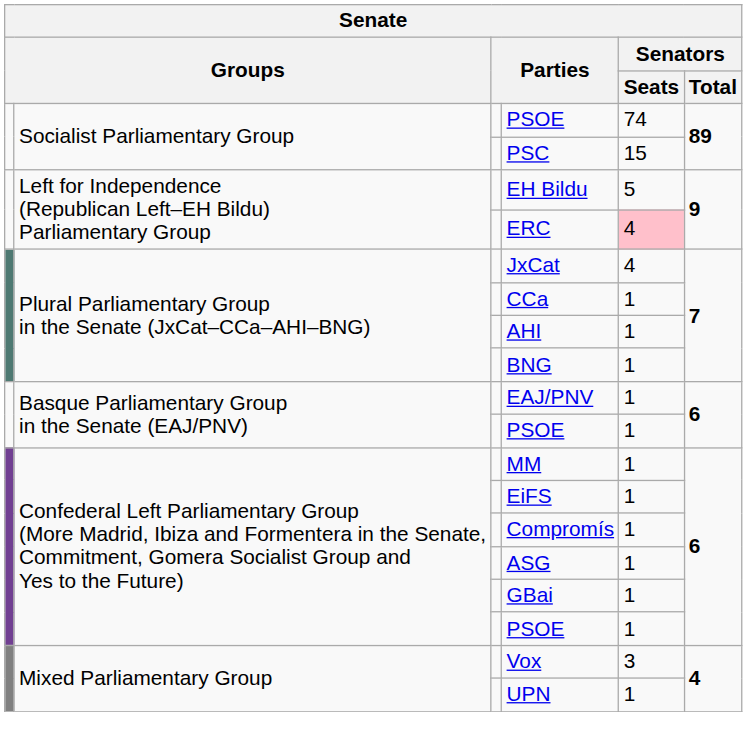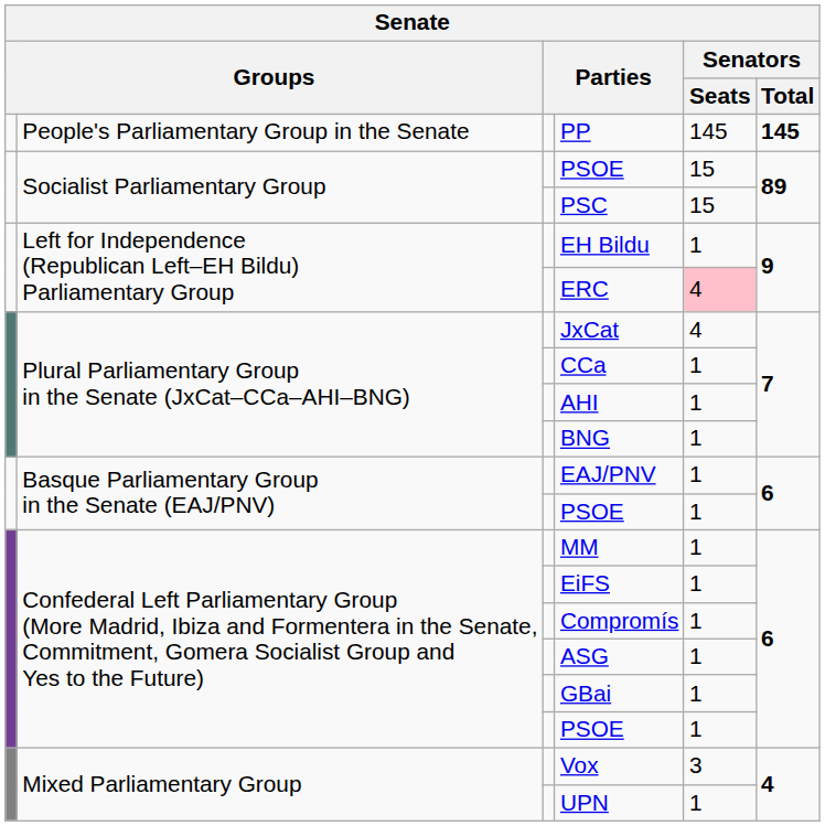 <table class="wikitable" style="text-align:left;">
 <tr>
 <th colspan="6">Senate</th>
 </tr>
 <tr>
 <th rowspan="2" colspan="2">Groups</th>
 <th rowspan="2" colspan="2">Parties</th>
 <th colspan="2">Senators</th>
 </tr>
 <tr>
 <th>Seats</th>
 <th>Total</th>
 </tr>
 <tr>
+<td width="1" style="color:inherit;background:"></td>
+<td>People's Parliamentary Group in the Senate</td>
+<td style="color:inherit;background:"></td>
+<td><a href='#'>PP</a></td>
+<td>145</td>
+<td><strong>145</strong></td>
+</tr>
+<tr>
 <td rowspan="2" style="color:inherit;background:"></td>
 <td rowspan="2">Socialist Parliamentary Group</td>
 <td width="1" style="color:inherit;background:"></td>
 <td><a href='#'>PSOE</a></td>
-<td>74</td>
+<td>15</td>
 <td rowspan="2"><strong>89</strong></td>
 </tr>
 <tr>
 <td style="color:inherit;background:"></td>
 <td><a href='#'>PSC</a></td>
 <td>15</td>
 </tr>
 <tr>
 <td rowspan="2" style="color:inherit;background:"></td>
 <td rowspan="2">Left for Independence<br>(Republican Left–EH Bildu)<br>Parliamentary Group</td>
 <td style="color:inherit;background:"></td>
 <td><a href='#'>EH Bildu</a></td>
-<td>5</td>
+<td>1</td>
 <td rowspan="2"><strong>9</strong></td>
 </tr>
 <tr>
 <td style="color:inherit;background:"></td>
 <td><a href='#'>ERC</a></td>
 <td style="background: pink;">4</td>
 </tr>
 <tr>
 <td rowspan="4" bgcolor="#4E7972"></td>
 <td rowspan="4">Plural Parliamentary Group<br>in the Senate (JxCat–CCa–AHI–BNG)</td>
 <td style="color:inherit;background:"></td>
 <td><a href='#'>JxCat</a></td>
 <td>4</td>
 <td rowspan="4"><strong>7</strong></td>
 </tr>
 <tr>
 <td style="color:inherit;background:"></td>
 <td><a href='#'>CCa</a></td>
 <td>1</td>
 </tr>
 <tr>
 <td style="color:inherit;background:"></td>
 <td><a href='#'>AHI</a></td>
 <td>1</td>
 </tr>
 <tr>
 <td style="color:inherit;background:"></td>
 <td><a href='#'>BNG</a></td>
 <td>1</td>
 </tr>
 <tr>
 <td rowspan="2" style="color:inherit;background:"></td>
 <td rowspan="2">Basque Parliamentary Group<br>in the Senate (EAJ/PNV)</td>
 <td style="color:inherit;background:"></td>
 <td><a href='#'>EAJ/PNV</a></td>
 <td>1</td>
 <td rowspan="2"><strong>6</strong></td>
 </tr>
 <tr>
 <td style="color:inherit;background:"></td>
 <td><a href='#'>PSOE</a></td>
 <td>1</td>
 </tr>
 <tr>
 <td rowspan="6" bgcolor="#713F92"></td>
 <td rowspan="6">Confederal Left Parliamentary Group<br>(More Madrid, Ibiza and Formentera in the Senate,<br>Commitment, Gomera Socialist Group and<br>Yes to the Future)</td>
 <td style="color:inherit;background:"></td>
 <td><a href='#'>MM</a></td>
 <td>1</td>
 <td rowspan="6"><strong>6</strong></td>
 </tr>
 <tr>
 <td style="color:inherit;background:"></td>
 <td><a href='#'>EiFS</a></td>
 <td>1</td>
 </tr>
 <tr>
 <td style="color:inherit;background:"></td>
 <td><a href='#'>Compromís</a></td>
 <td>1</td>
 </tr>
 <tr>
 <td style="color:inherit;background:"></td>
 <td><a href='#'>ASG</a></td>
 <td>1</td>
 </tr>
 <tr>
 <td style="color:inherit;background:"></td>
 <td><a href='#'>GBai</a></td>
 <td>1</td>
 </tr>
 <tr>
 <td style="color:inherit;background:"></td>
 <td><a href='#'>PSOE</a></td>
 <td>1</td>
 </tr>
 <tr>
 <td rowspan="2" bgcolor="gray"></td>
 <td rowspan="2">Mixed Parliamentary Group</td>
 <td style="color:inherit;background:"></td>
 <td><a href='#'>Vox</a></td>
 <td>3</td>
 <td rowspan="2"><strong>4</strong></td>
 </tr>
 <tr>
 <td style="color:inherit;background:"></td>
 <td><a href='#'>UPN</a></td>
 <td>1</td>
 </tr>
 </table>
